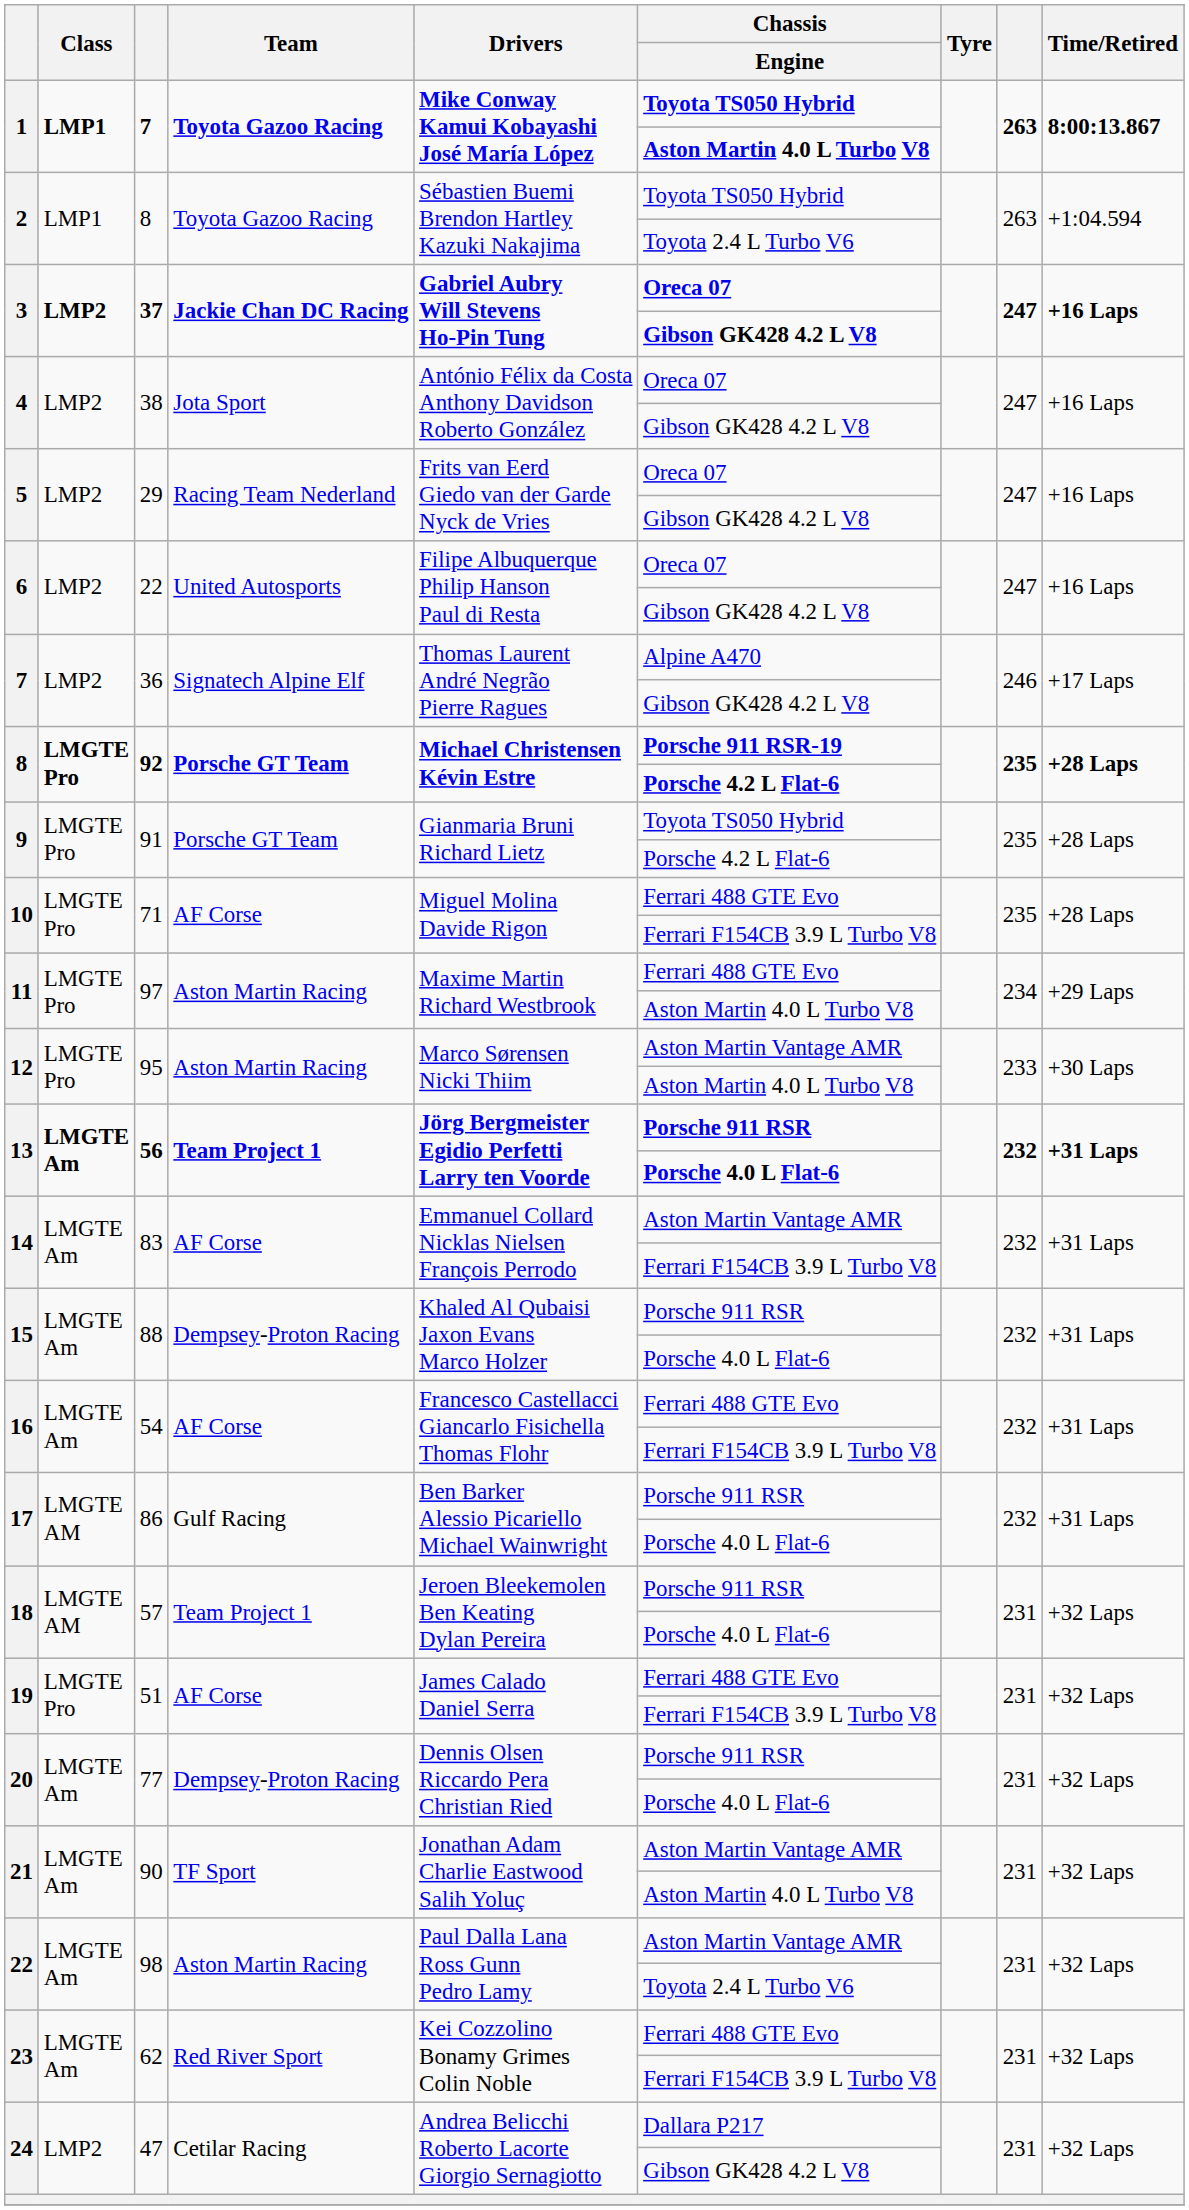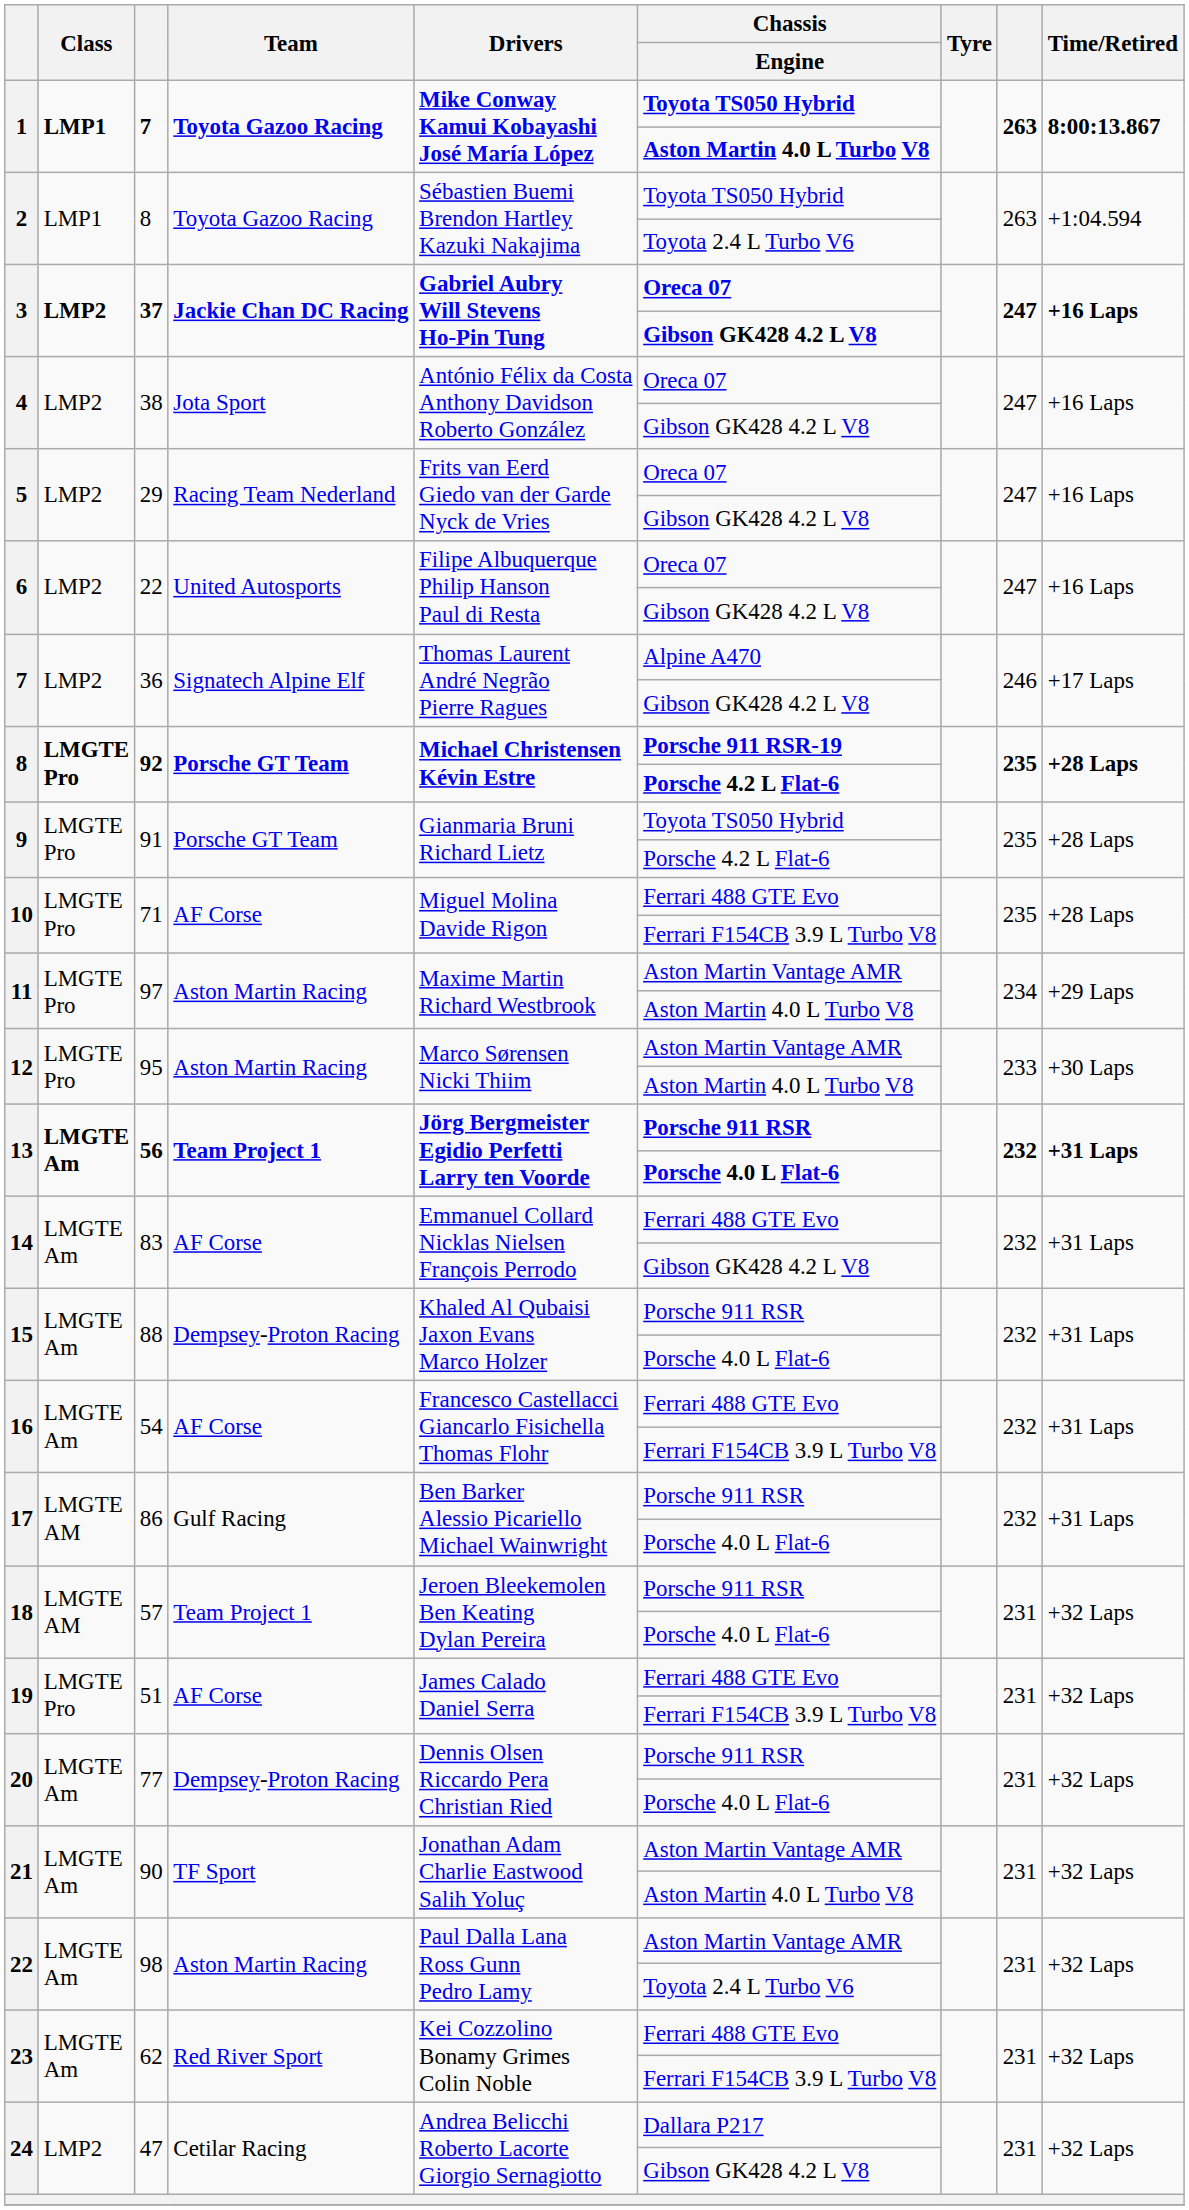 <table class="wikitable" style="font-size:95%;">
 <tr>
 <th rowspan=2></th>
 <th rowspan=2>Class</th>
 <th rowspan=2></th>
 <th rowspan=2>Team</th>
 <th rowspan=2>Drivers</th>
 <th>Chassis</th>
 <th rowspan=2>Tyre</th>
 <th rowspan=2></th>
 <th rowspan=2>Time/Retired</th>
 </tr>
 <tr>
 <th>Engine</th>
 </tr>
 <tr style="font-weight:bold;">
 <th rowspan=2>1</th>
 <td rowspan=2>LMP1</td>
 <td rowspan=2>7</td>
 <td rowspan=2> <a href='#'>Toyota Gazoo Racing</a></td>
 <td rowspan=2> <a href='#'>Mike Conway</a><br> <a href='#'>Kamui Kobayashi</a><br> <a href='#'>José María López</a></td>
 <td><a href='#'>Toyota TS050 Hybrid</a></td>
 <td rowspan=2></td>
 <td rowspan=2>263</td>
 <td rowspan=2>8:00:13.867</td>
 </tr>
 <tr style="font-weight:bold;">
 <td><a href='#'>Aston Martin</a> 4.0 L <a href='#'>Turbo</a> <a href='#'>V8</a></td>
 </tr>
 <tr>
 <th rowspan=2>2</th>
 <td rowspan=2>LMP1</td>
 <td rowspan=2>8</td>
 <td rowspan=2> <a href='#'>Toyota Gazoo Racing</a></td>
 <td rowspan=2> <a href='#'>Sébastien Buemi</a><br> <a href='#'>Brendon Hartley</a><br> <a href='#'>Kazuki Nakajima</a></td>
 <td><a href='#'>Toyota TS050 Hybrid</a></td>
 <td rowspan=2></td>
 <td rowspan=2>263</td>
 <td rowspan=2>+1:04.594</td>
 </tr>
 <tr>
 <td><a href='#'>Toyota</a> 2.4 L <a href='#'>Turbo</a> <a href='#'>V6</a></td>
 </tr>
 <tr style="font-weight:bold;">
 <th rowspan=2>3</th>
 <td rowspan=2>LMP2</td>
 <td rowspan=2>37</td>
 <td rowspan=2> <a href='#'>Jackie Chan DC Racing</a></td>
 <td rowspan=2> <a href='#'>Gabriel Aubry</a><br> <a href='#'>Will Stevens</a><br> <a href='#'>Ho-Pin Tung</a></td>
 <td><a href='#'>Oreca 07</a></td>
 <td rowspan=2></td>
 <td rowspan=2>247</td>
 <td rowspan=2>+16 Laps</td>
 </tr>
 <tr style="font-weight:bold;">
 <td><a href='#'>Gibson</a> GK428 4.2 L <a href='#'>V8</a></td>
 </tr>
 <tr>
 <th rowspan=2>4</th>
 <td rowspan=2>LMP2</td>
 <td rowspan=2>38</td>
 <td rowspan=2> <a href='#'>Jota Sport</a></td>
 <td rowspan=2> <a href='#'>António Félix da Costa</a><br> <a href='#'>Anthony Davidson</a><br> <a href='#'>Roberto González</a></td>
 <td><a href='#'>Oreca 07</a></td>
 <td rowspan=2></td>
 <td rowspan=2>247</td>
 <td rowspan=2>+16 Laps</td>
 </tr>
 <tr>
 <td><a href='#'>Gibson</a> GK428 4.2 L <a href='#'>V8</a></td>
 </tr>
 <tr>
 <th rowspan=2>5</th>
 <td rowspan=2>LMP2</td>
 <td rowspan=2>29</td>
 <td rowspan=2> <a href='#'>Racing Team Nederland</a></td>
 <td rowspan=2> <a href='#'>Frits van Eerd</a> <br> <a href='#'>Giedo van der Garde</a><br> <a href='#'>Nyck de Vries</a></td>
 <td><a href='#'>Oreca 07</a></td>
 <td rowspan=2></td>
 <td rowspan=2>247</td>
 <td rowspan=2>+16 Laps</td>
 </tr>
 <tr>
 <td><a href='#'>Gibson</a> GK428 4.2 L <a href='#'>V8</a></td>
 </tr>
 <tr>
 <th rowspan=2>6</th>
 <td rowspan=2>LMP2</td>
 <td rowspan=2>22</td>
 <td rowspan=2> <a href='#'>United Autosports</a></td>
 <td rowspan=2> <a href='#'>Filipe Albuquerque</a><br> <a href='#'>Philip Hanson</a><br> <a href='#'>Paul di Resta</a></td>
 <td><a href='#'>Oreca 07</a></td>
 <td rowspan=2></td>
 <td rowspan=2>247</td>
 <td rowspan=2>+16 Laps</td>
 </tr>
 <tr>
 <td><a href='#'>Gibson</a> GK428 4.2 L <a href='#'>V8</a></td>
 </tr>
 <tr>
 <th rowspan=2>7</th>
 <td rowspan=2>LMP2</td>
 <td rowspan=2>36</td>
 <td rowspan=2> <a href='#'>Signatech Alpine Elf</a></td>
 <td rowspan=2> <a href='#'>Thomas Laurent</a><br> <a href='#'>André Negrão</a><br> <a href='#'>Pierre Ragues</a></td>
 <td><a href='#'>Alpine A470</a></td>
 <td rowspan=2></td>
 <td rowspan=2>246</td>
 <td rowspan=2>+17 Laps</td>
 </tr>
 <tr>
 <td><a href='#'>Gibson</a> GK428 4.2 L <a href='#'>V8</a></td>
 </tr>
 <tr style="font-weight:bold;">
 <th rowspan=2>8</th>
 <td rowspan=2>LMGTE<br>Pro</td>
 <td rowspan=2>92</td>
 <td rowspan=2> <a href='#'>Porsche GT Team</a></td>
 <td rowspan=2> <a href='#'>Michael Christensen</a><br> <a href='#'>Kévin Estre</a></td>
 <td><a href='#'>Porsche 911 RSR-19</a></td>
 <td rowspan=2></td>
 <td rowspan=2>235</td>
 <td rowspan=2>+28 Laps</td>
 </tr>
 <tr style="font-weight:bold;">
 <td><a href='#'>Porsche</a> 4.2 L <a href='#'>Flat-6</a></td>
 </tr>
 <tr>
 <th rowspan=2>9</th>
 <td rowspan=2>LMGTE<br>Pro</td>
 <td rowspan=2>91</td>
 <td rowspan=2> <a href='#'>Porsche GT Team</a></td>
 <td rowspan=2> <a href='#'>Gianmaria Bruni</a><br> <a href='#'>Richard Lietz</a></td>
 <td><a href='#'>Toyota TS050 Hybrid</a></td>
 <td rowspan=2></td>
 <td rowspan=2>235</td>
 <td rowspan=2>+28 Laps</td>
 </tr>
 <tr>
 <td><a href='#'>Porsche</a> 4.2 L <a href='#'>Flat-6</a></td>
 </tr>
 <tr>
 <th rowspan=2>10</th>
 <td rowspan=2>LMGTE<br>Pro</td>
 <td rowspan=2>71</td>
 <td rowspan=2> <a href='#'>AF Corse</a></td>
 <td rowspan=2> <a href='#'>Miguel Molina</a><br> <a href='#'>Davide Rigon</a></td>
 <td><a href='#'>Ferrari 488 GTE Evo</a></td>
 <td rowspan=2></td>
 <td rowspan=2>235</td>
 <td rowspan=2>+28 Laps</td>
 </tr>
 <tr>
 <td><a href='#'>Ferrari F154CB</a> 3.9 L <a href='#'>Turbo</a> <a href='#'>V8</a></td>
 </tr>
 <tr>
 <th rowspan=2>11</th>
 <td rowspan=2>LMGTE<br>Pro</td>
 <td rowspan=2>97</td>
 <td rowspan=2> <a href='#'>Aston Martin Racing</a></td>
 <td rowspan=2> <a href='#'>Maxime Martin</a><br> <a href='#'>Richard Westbrook</a></td>
-<td><a href='#'>Ferrari 488 GTE Evo</a></td>
+<td><a href='#'>Aston Martin Vantage AMR</a></td>
 <td rowspan=2></td>
 <td rowspan=2>234</td>
 <td rowspan=2>+29 Laps</td>
 </tr>
 <tr>
 <td><a href='#'>Aston Martin</a> 4.0 L <a href='#'>Turbo</a> <a href='#'>V8</a></td>
 </tr>
 <tr>
 <th rowspan=2>12</th>
 <td rowspan=2>LMGTE<br>Pro</td>
 <td rowspan=2>95</td>
 <td rowspan=2> <a href='#'>Aston Martin Racing</a></td>
 <td rowspan=2> <a href='#'>Marco Sørensen</a><br> <a href='#'>Nicki Thiim</a></td>
 <td><a href='#'>Aston Martin Vantage AMR</a></td>
 <td rowspan=2></td>
 <td rowspan=2>233</td>
 <td rowspan=2>+30 Laps</td>
 </tr>
 <tr>
 <td><a href='#'>Aston Martin</a> 4.0 L <a href='#'>Turbo</a> <a href='#'>V8</a></td>
 </tr>
 <tr style="font-weight:bold;">
 <th rowspan=2>13</th>
 <td rowspan=2>LMGTE<br>Am</td>
 <td rowspan=2>56</td>
 <td rowspan=2> <a href='#'>Team Project 1</a></td>
 <td rowspan=2> <a href='#'>Jörg Bergmeister</a><br> <a href='#'>Egidio Perfetti</a><br> <a href='#'>Larry ten Voorde</a></td>
 <td><a href='#'>Porsche 911 RSR</a></td>
 <td rowspan=2></td>
 <td rowspan=2>232</td>
 <td rowspan=2>+31 Laps</td>
 </tr>
 <tr style="font-weight:bold;">
 <td><a href='#'>Porsche</a> 4.0 L <a href='#'>Flat-6</a></td>
 </tr>
 <tr>
 <th rowspan=2>14</th>
 <td rowspan=2>LMGTE<br>Am</td>
 <td rowspan=2>83</td>
 <td rowspan=2> <a href='#'>AF Corse</a></td>
 <td rowspan=2> <a href='#'>Emmanuel Collard</a><br> <a href='#'>Nicklas Nielsen</a><br> <a href='#'>François Perrodo</a></td>
-<td><a href='#'>Aston Martin Vantage AMR</a></td>
+<td><a href='#'>Ferrari 488 GTE Evo</a></td>
 <td rowspan=2></td>
 <td rowspan=2>232</td>
 <td rowspan=2>+31 Laps</td>
 </tr>
 <tr>
-<td><a href='#'>Ferrari F154CB</a> 3.9 L <a href='#'>Turbo</a> <a href='#'>V8</a></td>
+<td><a href='#'>Gibson</a> GK428 4.2 L <a href='#'>V8</a></td>
 </tr>
 <tr>
 <th rowspan=2>15</th>
 <td rowspan=2>LMGTE<br>Am</td>
 <td rowspan=2>88</td>
 <td rowspan=2> <a href='#'>Dempsey</a>-<a href='#'>Proton Racing</a></td>
 <td rowspan=2> <a href='#'>Khaled Al Qubaisi</a><br> <a href='#'>Jaxon Evans</a><br> <a href='#'>Marco Holzer</a></td>
 <td><a href='#'>Porsche 911 RSR</a></td>
 <td rowspan=2></td>
 <td rowspan=2>232</td>
 <td rowspan=2>+31 Laps</td>
 </tr>
 <tr>
 <td><a href='#'>Porsche</a> 4.0 L <a href='#'>Flat-6</a></td>
 </tr>
 <tr>
 <th rowspan=2>16</th>
 <td rowspan=2>LMGTE<br>Am</td>
 <td rowspan=2>54</td>
 <td rowspan=2> <a href='#'>AF Corse</a></td>
 <td rowspan=2> <a href='#'>Francesco Castellacci</a><br> <a href='#'>Giancarlo Fisichella</a><br> <a href='#'>Thomas Flohr</a></td>
 <td><a href='#'>Ferrari 488 GTE Evo</a></td>
 <td rowspan=2></td>
 <td rowspan=2>232</td>
 <td rowspan=2>+31 Laps</td>
 </tr>
 <tr>
 <td><a href='#'>Ferrari F154CB</a> 3.9 L <a href='#'>Turbo</a> <a href='#'>V8</a></td>
 </tr>
 <tr>
 <th rowspan=2>17</th>
 <td rowspan=2>LMGTE<br>AM</td>
 <td rowspan=2>86</td>
 <td rowspan=2> Gulf Racing</td>
 <td rowspan=2> <a href='#'>Ben Barker</a><br> <a href='#'>Alessio Picariello</a><br> <a href='#'>Michael Wainwright</a></td>
 <td><a href='#'>Porsche 911 RSR</a></td>
 <td rowspan=2></td>
 <td rowspan=2>232</td>
 <td rowspan=2>+31 Laps</td>
 </tr>
 <tr>
 <td><a href='#'>Porsche</a> 4.0 L <a href='#'>Flat-6</a></td>
 </tr>
 <tr>
 <th rowspan=2>18</th>
 <td rowspan=2>LMGTE<br>AM</td>
 <td rowspan=2>57</td>
 <td rowspan=2> <a href='#'>Team Project 1</a></td>
 <td rowspan=2> <a href='#'>Jeroen Bleekemolen</a><br> <a href='#'>Ben Keating</a><br> <a href='#'>Dylan Pereira</a></td>
 <td><a href='#'>Porsche 911 RSR</a></td>
 <td rowspan=2></td>
 <td rowspan=2>231</td>
 <td rowspan=2>+32 Laps</td>
 </tr>
 <tr>
 <td><a href='#'>Porsche</a> 4.0 L <a href='#'>Flat-6</a></td>
 </tr>
 <tr>
 <th rowspan=2>19</th>
 <td rowspan=2>LMGTE<br>Pro</td>
 <td rowspan=2>51</td>
 <td rowspan=2> <a href='#'>AF Corse</a></td>
 <td rowspan=2> <a href='#'>James Calado</a><br> <a href='#'>Daniel Serra</a></td>
 <td><a href='#'>Ferrari 488 GTE Evo</a></td>
 <td rowspan=2></td>
 <td rowspan=2>231</td>
 <td rowspan=2>+32 Laps</td>
 </tr>
 <tr>
 <td><a href='#'>Ferrari F154CB</a> 3.9 L <a href='#'>Turbo</a> <a href='#'>V8</a></td>
 </tr>
 <tr>
 <th rowspan=2>20</th>
 <td rowspan=2>LMGTE<br>Am</td>
 <td rowspan=2>77</td>
 <td rowspan=2> <a href='#'>Dempsey</a>-<a href='#'>Proton Racing</a></td>
 <td rowspan=2> <a href='#'>Dennis Olsen</a><br> <a href='#'>Riccardo Pera</a><br> <a href='#'>Christian Ried</a></td>
 <td><a href='#'>Porsche 911 RSR</a></td>
 <td rowspan=2></td>
 <td rowspan=2>231</td>
 <td rowspan=2>+32 Laps</td>
 </tr>
 <tr>
 <td><a href='#'>Porsche</a> 4.0 L <a href='#'>Flat-6</a></td>
 </tr>
 <tr>
 <th rowspan=2>21</th>
 <td rowspan=2>LMGTE<br>Am</td>
 <td rowspan=2>90</td>
 <td rowspan=2> <a href='#'>TF Sport</a></td>
 <td rowspan=2> <a href='#'>Jonathan Adam</a><br> <a href='#'>Charlie Eastwood</a><br> <a href='#'>Salih Yoluç</a></td>
 <td><a href='#'>Aston Martin Vantage AMR</a></td>
 <td rowspan=2></td>
 <td rowspan=2>231</td>
 <td rowspan=2>+32 Laps</td>
 </tr>
 <tr>
 <td><a href='#'>Aston Martin</a> 4.0 L <a href='#'>Turbo</a> <a href='#'>V8</a></td>
 </tr>
 <tr>
 <th rowspan=2>22</th>
 <td rowspan=2>LMGTE<br>Am</td>
 <td rowspan=2>98</td>
 <td rowspan=2> <a href='#'>Aston Martin Racing</a></td>
 <td rowspan=2> <a href='#'>Paul Dalla Lana</a><br> <a href='#'>Ross Gunn</a><br> <a href='#'>Pedro Lamy</a></td>
 <td><a href='#'>Aston Martin Vantage AMR</a></td>
 <td rowspan=2></td>
 <td rowspan=2>231</td>
 <td rowspan=2>+32 Laps</td>
 </tr>
 <tr>
 <td><a href='#'>Toyota</a> 2.4 L <a href='#'>Turbo</a> <a href='#'>V6</a></td>
 </tr>
 <tr>
 <th rowspan=2>23</th>
 <td rowspan=2>LMGTE<br>Am</td>
 <td rowspan=2>62</td>
 <td rowspan=2> <a href='#'>Red River Sport</a></td>
 <td rowspan=2> <a href='#'>Kei Cozzolino</a><br> Bonamy Grimes<br> Colin Noble</td>
 <td><a href='#'>Ferrari 488 GTE Evo</a></td>
 <td rowspan=2></td>
 <td rowspan=2>231</td>
 <td rowspan=2>+32 Laps</td>
 </tr>
 <tr>
 <td><a href='#'>Ferrari F154CB</a> 3.9 L <a href='#'>Turbo</a> <a href='#'>V8</a></td>
 </tr>
 <tr>
 <th rowspan=2>24</th>
 <td rowspan=2>LMP2</td>
 <td rowspan=2>47</td>
 <td rowspan=2> Cetilar Racing</td>
 <td rowspan=2> <a href='#'>Andrea Belicchi</a><br> <a href='#'>Roberto Lacorte</a><br> <a href='#'>Giorgio Sernagiotto</a></td>
 <td><a href='#'>Dallara P217</a></td>
 <td rowspan=2></td>
 <td rowspan=2>231</td>
 <td rowspan=2>+32 Laps</td>
 </tr>
 <tr>
 <td><a href='#'>Gibson</a> GK428 4.2 L <a href='#'>V8</a></td>
 </tr>
 <tr>
 <th colspan=9></th>
 </tr>
 <tr>
 </tr>
 </table>
